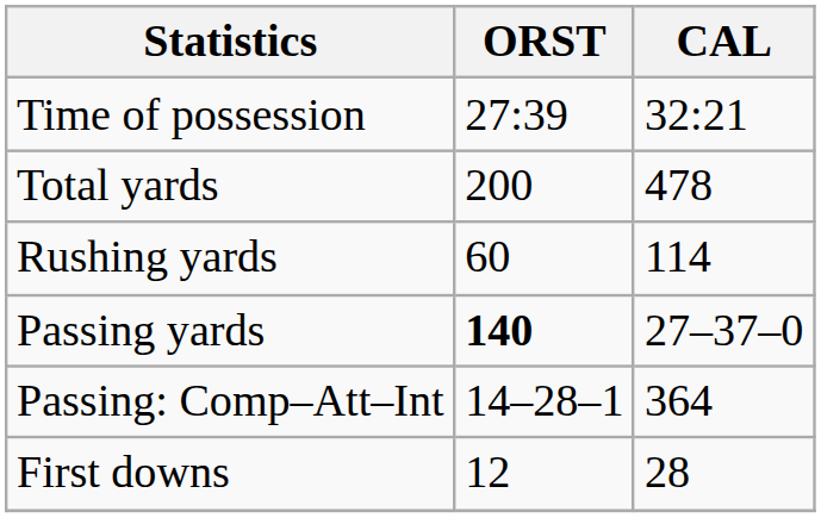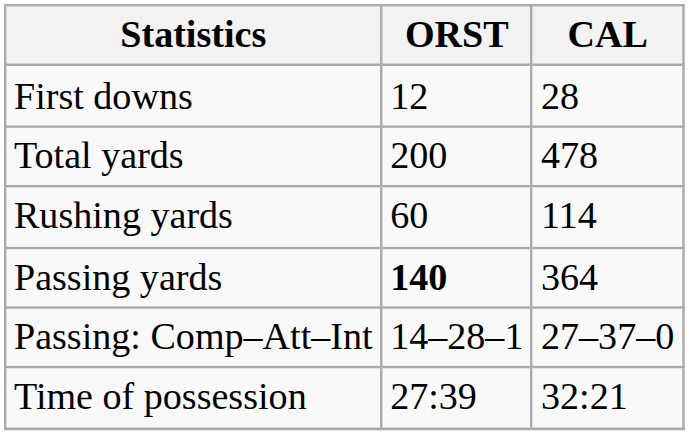 <table class="wikitable" style="float: left;">
 <tr>
 <th>Statistics</th>
 <th>ORST</th>
 <th>CAL</th>
 </tr>
 <tr>
-<td>Time of possession</td>
-<td>27:39</td>
-<td>32:21</td>
+<td>First downs</td>
+<td>12</td>
+<td>28</td>
 </tr>
 <tr>
 <td>Total yards</td>
 <td>200</td>
 <td>478</td>
 </tr>
 <tr>
 <td>Rushing yards</td>
 <td>60</td>
 <td>114</td>
 </tr>
 <tr>
 <td>Passing yards</td>
 <td><strong>140</strong></td>
-<td>27–37–0</td>
+<td>364</td>
 </tr>
 <tr>
 <td>Passing: Comp–Att–Int</td>
 <td>14–28–1</td>
-<td>364</td>
+<td>27–37–0</td>
 </tr>
 <tr>
-<td>First downs</td>
-<td>12</td>
-<td>28</td>
+<td>Time of possession</td>
+<td>27:39</td>
+<td>32:21</td>
 </tr>
 <tr>
 </tr>
 </table>
